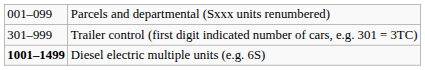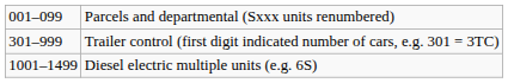 <table class="wikitable">
 <tr>
 <td>001–099</td>
 <td>Parcels and departmental (Sxxx units renumbered)</td>
 </tr>
 <tr>
 <td>301–999</td>
 <td>Trailer control (first digit indicated number of cars, e.g. 301 = 3TC)</td>
 </tr>
 <tr>
-<td><strong>1001–1499</strong></td>
+<td>1001–1499</td>
 <td>Diesel electric multiple units (e.g. 6S)</td>
 </tr>
 </table>
